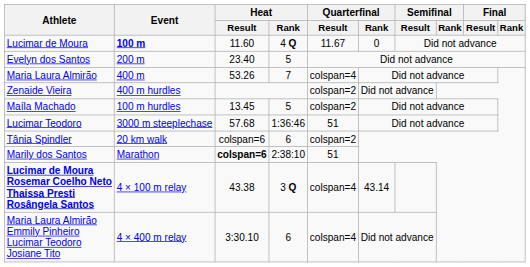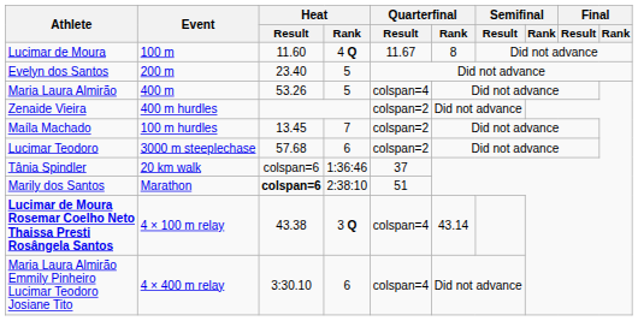 <table class=wikitable style="font-size:90%">
 <tr>
 <th rowspan="2">Athlete</th>
 <th rowspan="2">Event</th>
 <th colspan="2">Heat</th>
 <th colspan="2">Quarterfinal</th>
 <th colspan="2">Semifinal</th>
 <th colspan="2">Final</th>
 </tr>
 <tr style="font-size:95%">
 <th>Result</th>
 <th>Rank</th>
 <th>Result</th>
 <th>Rank</th>
 <th>Result</th>
 <th>Rank</th>
 <th>Result</th>
 <th>Rank</th>
 </tr>
 <tr align=center>
 <td align=left><a href='#'>Lucimar de Moura</a></td>
-<td align=left><strong><a href='#'>100 m</a></strong></td>
+<td align=left><a href='#'>100 m</a></td>
 <td>11.60</td>
 <td>4 <strong>Q</strong></td>
 <td>11.67</td>
-<td>0</td>
+<td>8</td>
 <td colspan=4>Did not advance</td>
 </tr>
 <tr align=center>
 <td align=left><a href='#'>Evelyn dos Santos</a></td>
 <td align=left><a href='#'>200 m</a></td>
 <td>23.40</td>
 <td>5</td>
 <td colspan=6>Did not advance</td>
 </tr>
 <tr align=center>
 <td align=left><a href='#'>Maria Laura Almirão</a></td>
 <td align=left><a href='#'>400 m</a></td>
 <td>53.26</td>
-<td>7</td>
+<td>5</td>
 <td>colspan=4 </td>
 <td colspan=4>Did not advance</td>
 </tr>
 <tr align=center>
 <td align=left><a href='#'>Zenaide Vieira</a></td>
 <td align=left><a href='#'>400 m hurdles</a></td>
 <td colspan=2></td>
 <td>colspan=2 </td>
 <td colspan=2>Did not advance</td>
 </tr>
 <tr align=center>
 <td align=left><a href='#'>Maíla Machado</a></td>
 <td align=left><a href='#'>100 m hurdles</a></td>
 <td>13.45</td>
-<td>5</td>
+<td>7</td>
 <td>colspan=2 </td>
 <td colspan=4>Did not advance</td>
 </tr>
 <tr align=center>
 <td align=left><a href='#'>Lucimar Teodoro</a></td>
 <td align=left><a href='#'>3000 m steeplechase</a></td>
 <td>57.68</td>
-<td>1:36:46</td>
-<td>51</td>
+<td>6</td>
+<td>colspan=2 </td>
 <td colspan=4>Did not advance</td>
 </tr>
 <tr align=center>
 <td align=left><a href='#'>Tânia Spindler</a></td>
 <td align=left><a href='#'>20 km walk</a></td>
 <td>colspan=6 </td>
-<td>6</td>
-<td>colspan=2 </td>
+<td>1:36:46</td>
+<td>37</td>
 </tr>
 <tr align=center>
 <td align=left><a href='#'>Marily dos Santos</a></td>
 <td align=left><a href='#'>Marathon</a></td>
 <td><strong>colspan=6 </strong></td>
 <td>2:38:10</td>
 <td>51</td>
 </tr>
 <tr align=center>
 <td align=left><strong><a href='#'>Lucimar de Moura</a></strong><br><strong><a href='#'>Rosemar Coelho Neto</a></strong><br><strong><a href='#'>Thaissa Presti</a></strong><br><strong><a href='#'>Rosângela Santos</a></strong></td>
 <td align=left><a href='#'>4 × 100 m relay</a></td>
 <td>43.38</td>
 <td>3 <strong>Q</strong></td>
 <td>colspan=4 </td>
 <td>43.14</td>
 <td></td>
 </tr>
 <tr align=center>
 <td align=left><a href='#'>Maria Laura Almirão</a><br><a href='#'>Emmily Pinheiro</a><br><a href='#'>Lucimar Teodoro</a><br><a href='#'>Josiane Tito</a></td>
 <td align=left><a href='#'>4 × 400 m relay</a></td>
 <td>3:30.10</td>
 <td>6</td>
 <td>colspan=4 </td>
 <td colspan=2>Did not advance</td>
 </tr>
 </table>
